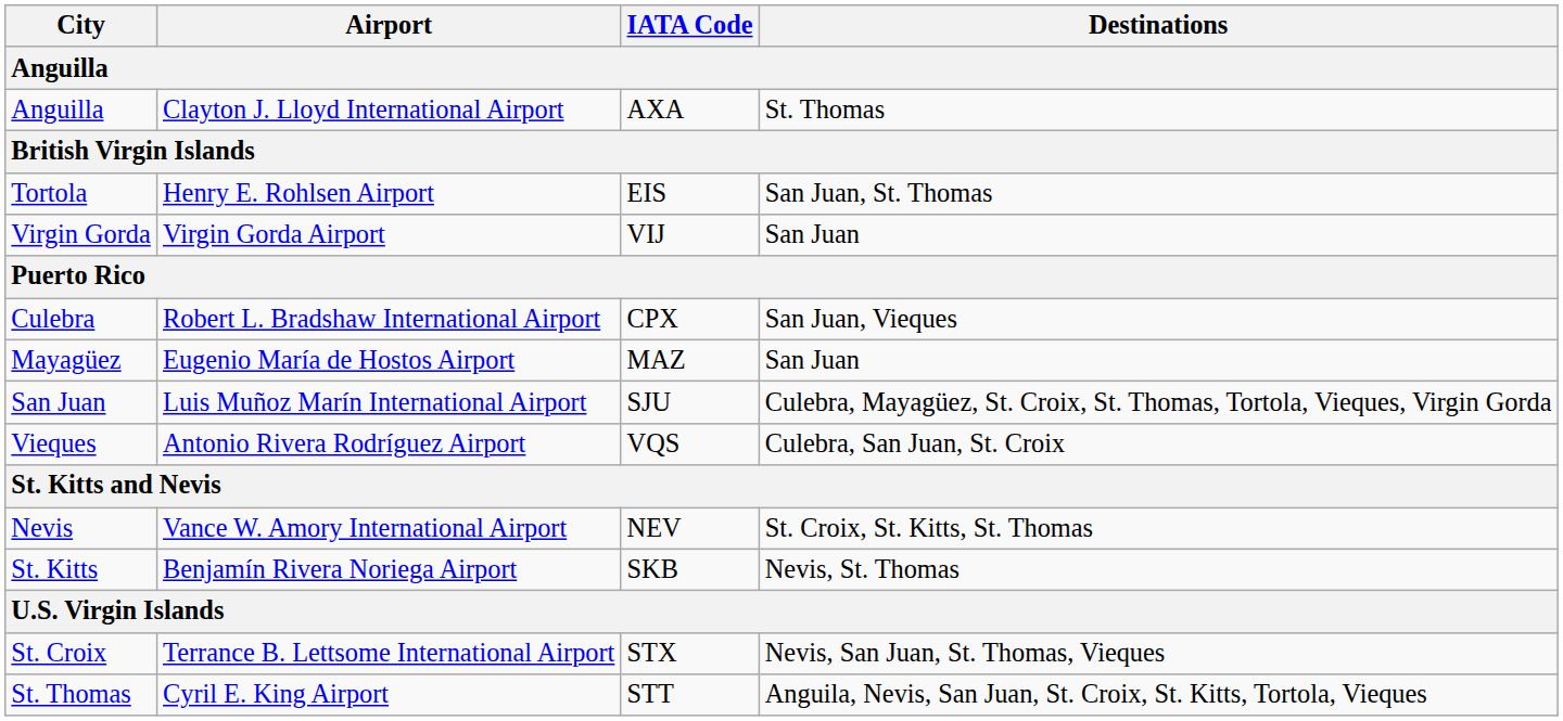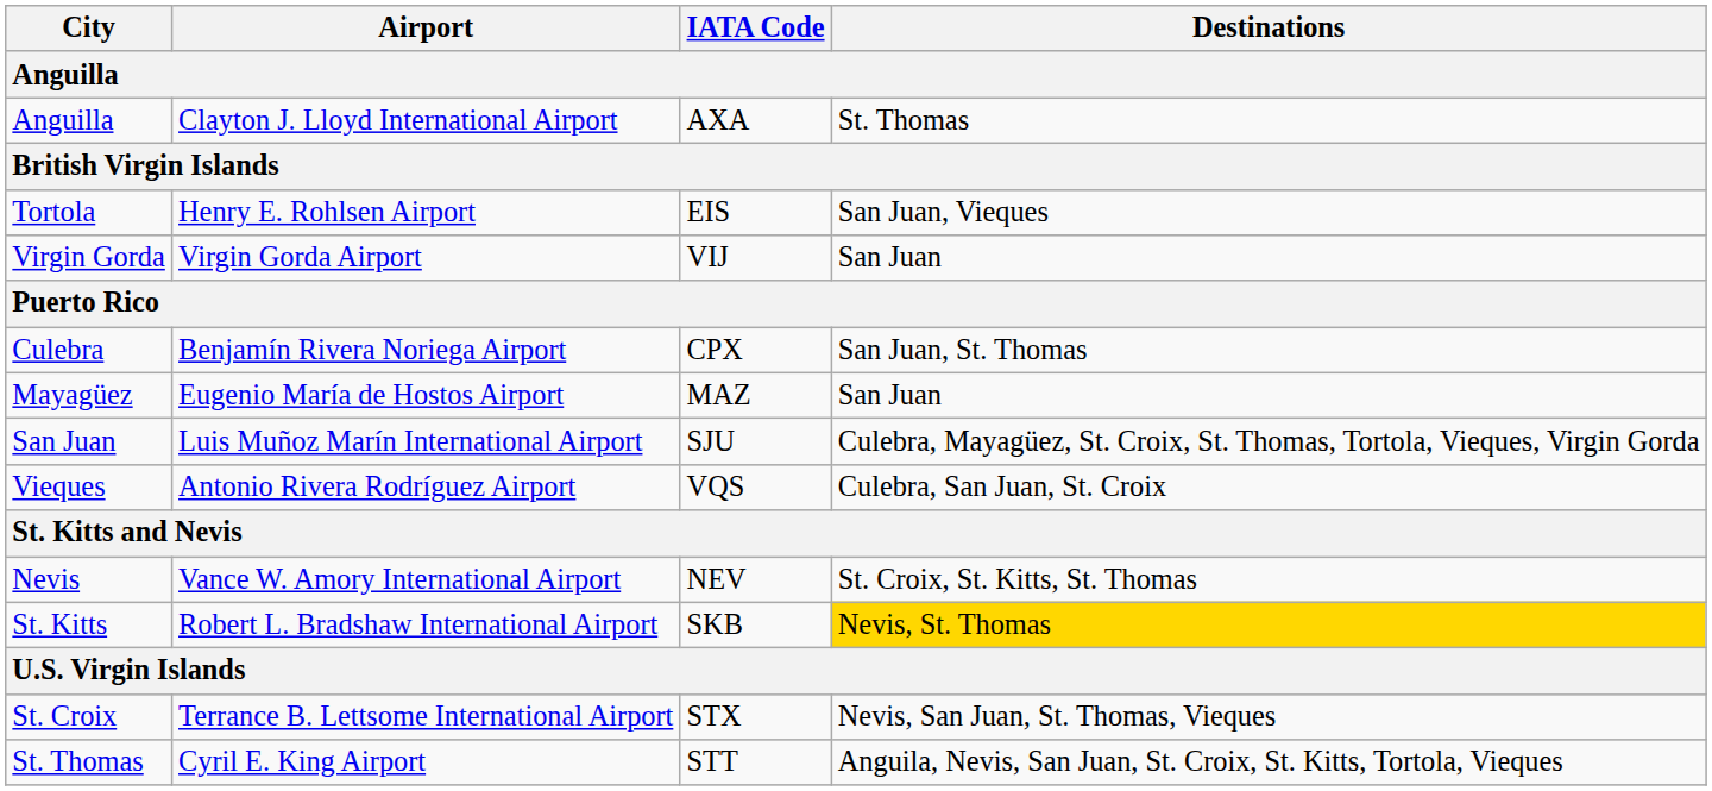 <table class="wikitable sortable">
 <tr>
 <th>City</th>
 <th>Airport</th>
 <th><a href='#'>IATA Code</a></th>
 <th>Destinations</th>
 </tr>
 <tr>
 <th colspan="5" style="text-align: left"> Anguilla</th>
 </tr>
 <tr>
 <td><a href='#'>Anguilla</a></td>
 <td><a href='#'>Clayton J. Lloyd International Airport</a></td>
 <td>AXA</td>
 <td>St. Thomas</td>
 </tr>
 <tr>
 <th colspan="5" style="text-align: left"> British Virgin Islands</th>
 </tr>
 <tr>
 <td><a href='#'>Tortola</a></td>
 <td><a href='#'>Henry E. Rohlsen Airport</a></td>
 <td>EIS</td>
-<td>San Juan, St. Thomas</td>
+<td>San Juan, Vieques</td>
 </tr>
 <tr>
 <td><a href='#'>Virgin Gorda</a></td>
 <td><a href='#'>Virgin Gorda Airport</a></td>
 <td>VIJ</td>
 <td>San Juan</td>
 </tr>
 <tr>
 <th colspan="5" style="text-align: left"> Puerto Rico</th>
 </tr>
 <tr>
 <td><a href='#'>Culebra</a></td>
-<td><a href='#'>Robert L. Bradshaw International Airport</a></td>
+<td><a href='#'>Benjamín Rivera Noriega Airport</a></td>
 <td>CPX</td>
-<td>San Juan, Vieques</td>
+<td>San Juan, St. Thomas</td>
 </tr>
 <tr>
 <td><a href='#'>Mayagüez</a></td>
 <td><a href='#'>Eugenio María de Hostos Airport</a></td>
 <td>MAZ</td>
 <td>San Juan</td>
 </tr>
 <tr>
 <td><a href='#'>San Juan</a></td>
 <td><a href='#'>Luis Muñoz Marín International Airport</a></td>
 <td>SJU</td>
 <td>Culebra, Mayagüez, St. Croix, St. Thomas, Tortola, Vieques, Virgin Gorda</td>
 </tr>
 <tr>
 <td><a href='#'>Vieques</a></td>
 <td><a href='#'>Antonio Rivera Rodríguez Airport</a></td>
 <td>VQS</td>
 <td>Culebra, San Juan, St. Croix</td>
 </tr>
 <tr>
 <th colspan="5" style="text-align: left"> St. Kitts and Nevis</th>
 </tr>
 <tr>
 <td><a href='#'>Nevis</a></td>
 <td><a href='#'>Vance W. Amory International Airport</a></td>
 <td>NEV</td>
 <td>St. Croix, St. Kitts, St. Thomas</td>
 </tr>
 <tr>
 <td><a href='#'>St. Kitts</a></td>
-<td><a href='#'>Benjamín Rivera Noriega Airport</a></td>
+<td><a href='#'>Robert L. Bradshaw International Airport</a></td>
 <td>SKB</td>
-<td>Nevis, St. Thomas</td>
+<td style="background: gold;">Nevis, St. Thomas</td>
 </tr>
 <tr>
 <th colspan="5" style="text-align: left"> U.S. Virgin Islands</th>
 </tr>
 <tr>
 <td><a href='#'>St. Croix</a></td>
 <td><a href='#'>Terrance B. Lettsome International Airport</a></td>
 <td>STX</td>
 <td>Nevis, San Juan, St. Thomas, Vieques</td>
 </tr>
 <tr>
 <td><a href='#'>St. Thomas</a></td>
 <td><a href='#'>Cyril E. King Airport</a></td>
 <td>STT</td>
 <td>Anguila, Nevis, San Juan, St. Croix, St. Kitts, Tortola, Vieques</td>
 </tr>
 </table>
